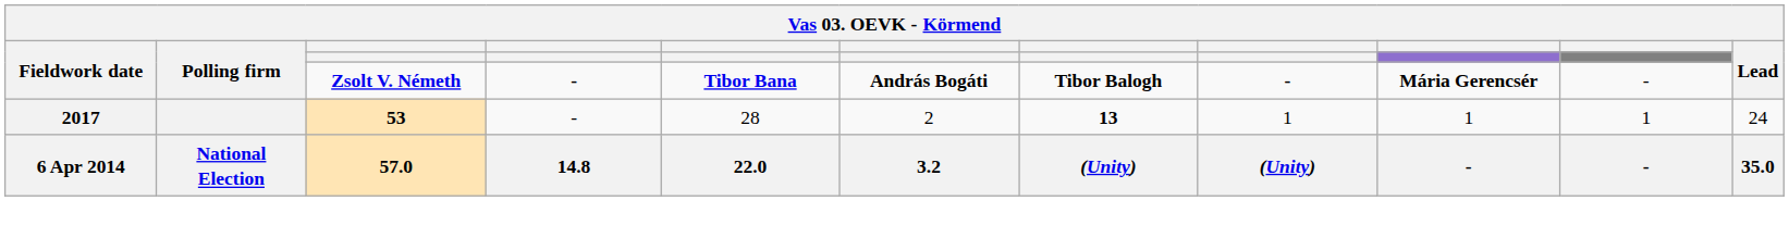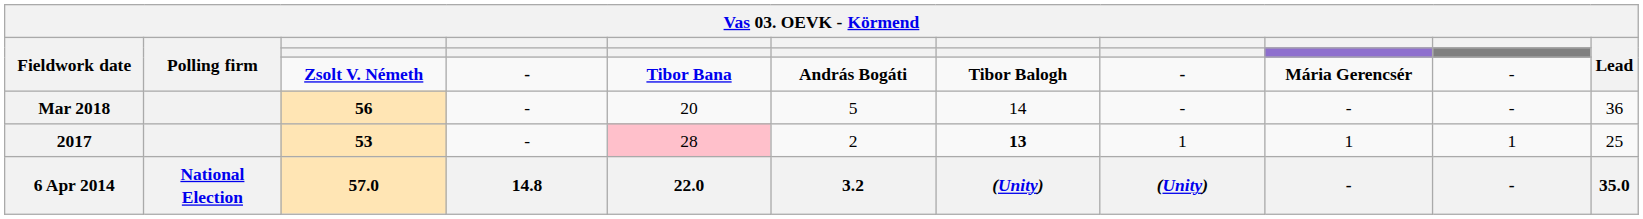 <table class="wikitable mw-collapsible mw-collapsed" style="text-align:center">
 <tr>
 <th colspan="11" style="width: 980pt;"><small><a href='#'>Vas</a>  03. OEVK -</small> <small><a href='#'>Körmend</a></small></th>
 </tr>
 <tr>
 <th rowspan="3" style="width: 80pt;"><small>Fieldwork</small> <small>date</small></th>
 <th rowspan="3" style="width: 80pt;"><strong><small>Polling</small> <small>firm</small></strong></th>
 <th style="width: 100pt;"><small></small></th>
 <th style="width: 100pt;"><small> </small></th>
 <th style="width: 100pt;"></th>
 <th style="width: 100pt;"></th>
 <th style="width: 100pt;"></th>
 <th style="width: 100pt;"></th>
 <th style="width: 100pt;"></th>
 <th style="width: 100pt;"></th>
 <th rowspan="3" style="width: 20pt;"><small>Lead</small></th>
 </tr>
 <tr>
 <th style="color:inherit;background:"></th>
 <th style="color:inherit;background:"></th>
 <th style="color:inherit;background:"></th>
 <th style="color:inherit;background:"></th>
 <th style="color:inherit;background:"></th>
 <th style="color:inherit;background:"></th>
 <th style="color:inherit;background:#8E6FCE;"></th>
 <th style="color:inherit;background:#808080;"></th>
 </tr>
 <tr>
 <td><a href='#'><strong><small>Zsolt V. Németh</small></strong></a></td>
 <td><strong><small>-</small></strong></td>
 <td><strong><small><a href='#'>Tibor Bana</a></small></strong></td>
 <td><strong><small>András Bogáti</small></strong></td>
 <td><strong><small>Tibor Balogh</small></strong></td>
 <td><strong><small>-</small></strong></td>
 <td><strong><small>Mária Gerencsér</small></strong></td>
 <td><small>-</small></td>
 </tr>
 <tr>
+<th><small>Mar 2018</small></th>
+<th><small></small></th>
+<td style="background:#FFE5B4"><strong><small>56</small></strong></td>
+<td><small>-</small></td>
+<td><small>20</small></td>
+<td><small>5</small></td>
+<td><small>14</small></td>
+<td><small>-</small></td>
+<td><small>-</small></td>
+<td><small>-</small></td>
+<td style="background:"><small>36</small></td>
+</tr>
+<tr>
 <th><small>2017</small></th>
 <th><small></small></th>
 <td style="background:#FFE5B4"><strong><small>53</small></strong></td>
 <td><small>-</small></td>
-<td><small>28</small></td>
+<td style="background: pink;"><small>28</small></td>
 <td><small>2</small></td>
 <td><strong><small>13</small></strong></td>
 <td><small>1</small></td>
 <td><small>1</small></td>
 <td><small>1</small></td>
-<td style="background:"><small>24</small></td>
+<td style="background:"><small>25</small></td>
 </tr>
 <tr>
 <th><small>6 Apr 2014</small></th>
 <th><a href='#'><small>National Election</small></a></th>
 <th style="background:#FFE5B4"><small>57.0</small></th>
 <th><small>14.8</small></th>
 <th><small>22.0</small></th>
 <th><small>3.2</small></th>
 <th><small><em>(<a href='#'>Unity</a>)</em></small></th>
 <th><small><em>(<a href='#'>Unity</a>)</em></small></th>
 <th><small>-</small></th>
 <th><small>-</small></th>
 <th style="background:"><small>35.0</small></th>
 </tr>
 </table>
